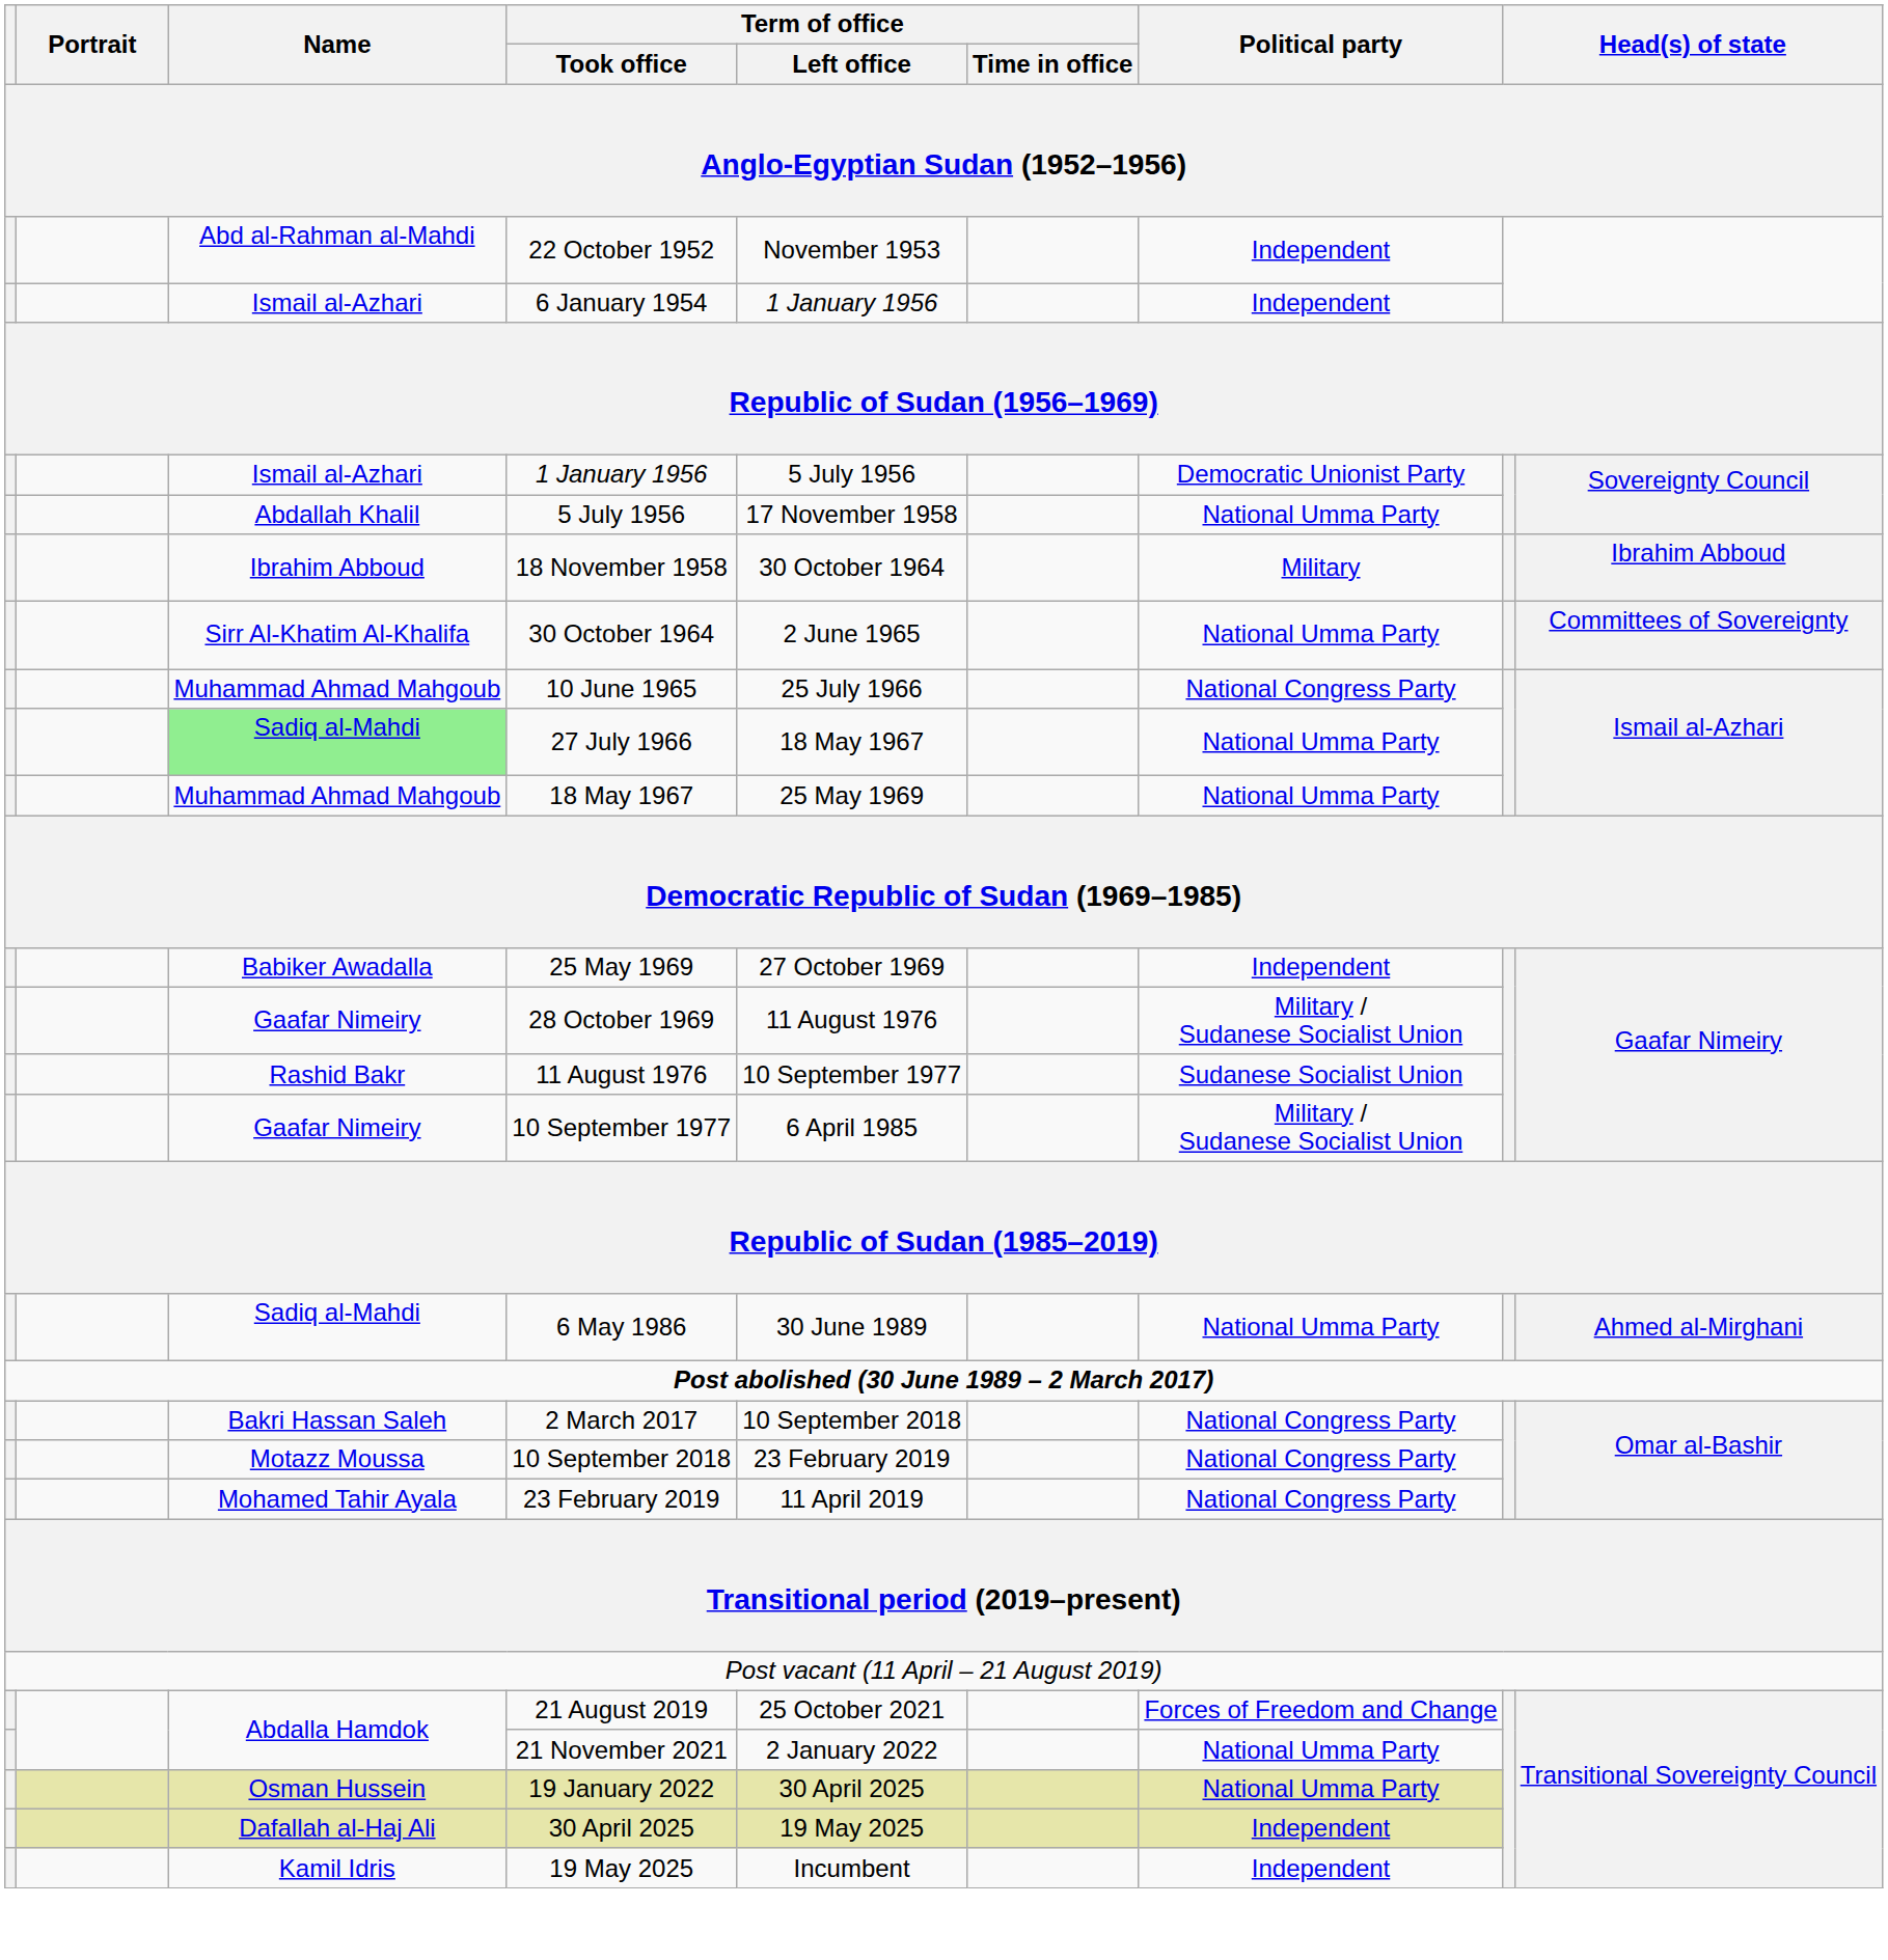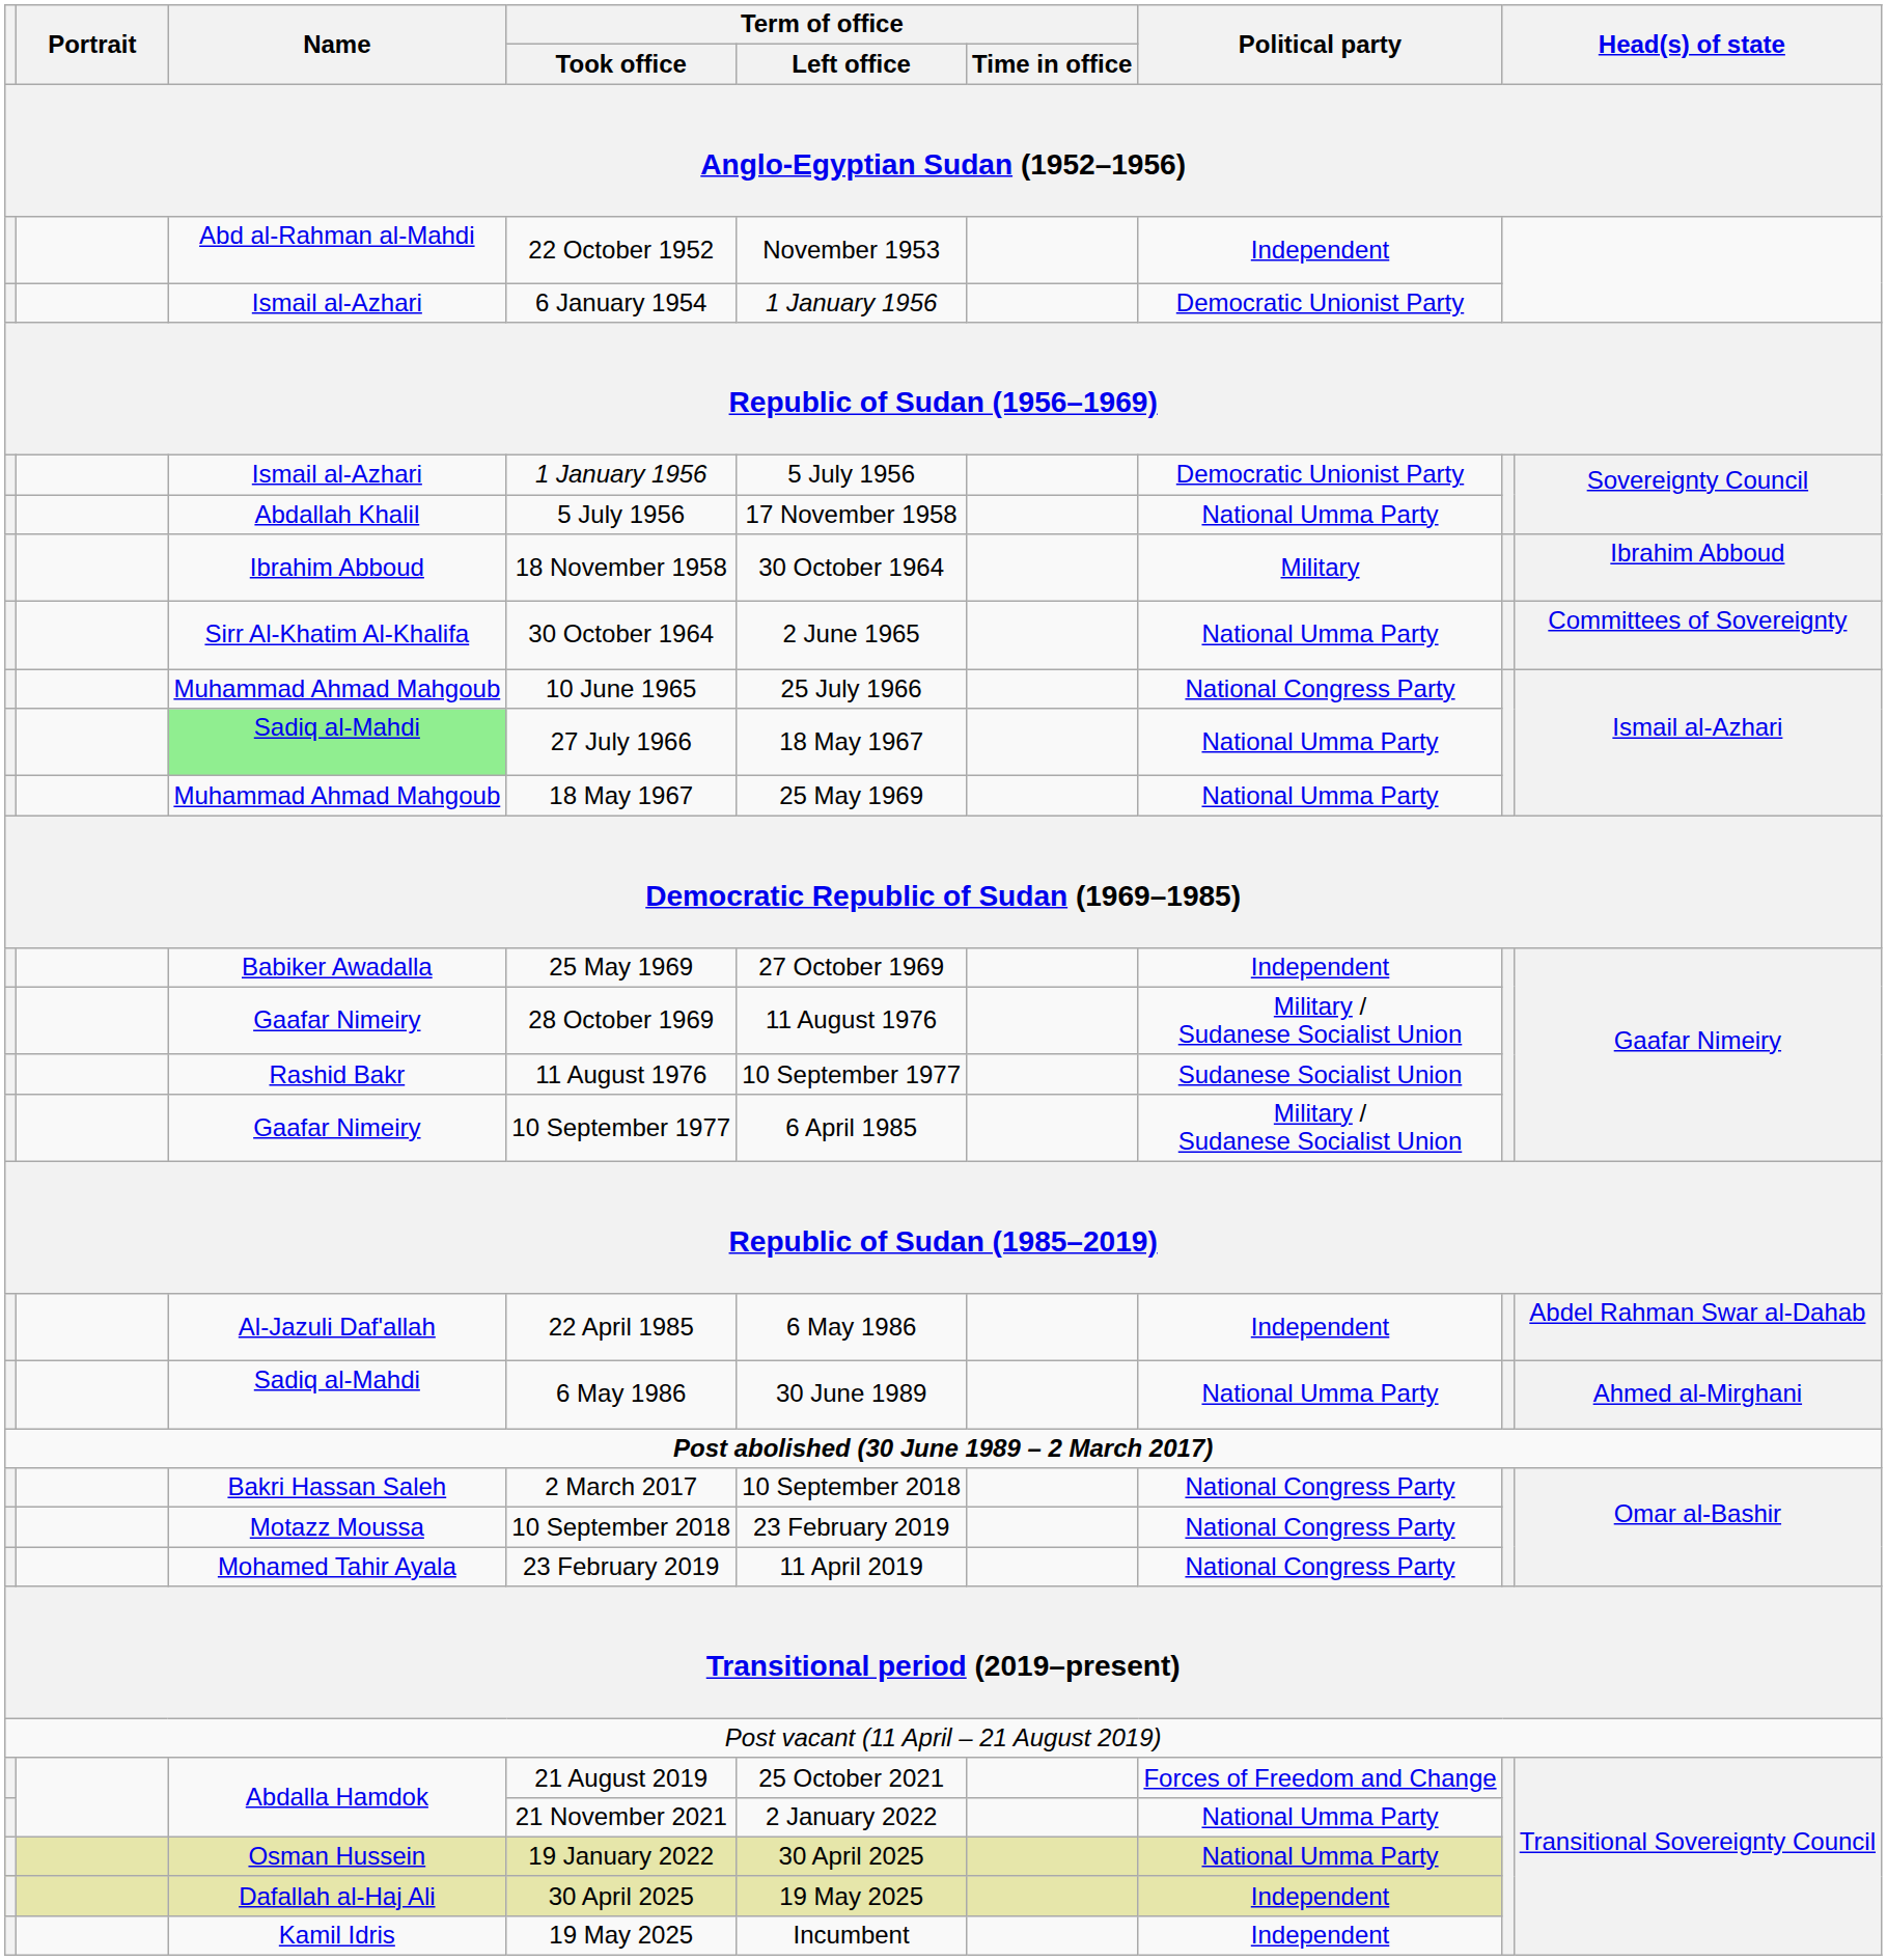 <table class="wikitable" style="text-align:center">
 <tr>
 <th rowspan="2"></th>
 <th rowspan="2" width="90px">Portrait</th>
 <th rowspan="2">Name<br></th>
 <th colspan="3">Term of office</th>
 <th rowspan="2">Political party</th>
 <th rowspan="2" colspan="2"><a href='#'>Head(s) of state</a><br></th>
 </tr>
 <tr>
 <th>Took office</th>
 <th>Left office</th>
 <th>Time in office</th>
 </tr>
 <tr>
 <th colspan="9"><br><h3><a href='#'>Anglo-Egyptian Sudan</a> (1952–1956)</h3></th>
 </tr>
 <tr>
 <th style="background:"></th>
 <td></td>
 <td><a href='#'>Abd al-Rahman al-Mahdi</a><br><br></td>
 <td>22 October 1952</td>
 <td>November 1953</td>
 <td></td>
 <td><a href='#'>Independent</a></td>
 </tr>
 <tr>
 <th style="background:"></th>
 <td></td>
 <td><a href='#'>Ismail al-Azhari</a><br></td>
 <td>6 January 1954</td>
 <td><em>1 January 1956</em></td>
 <td></td>
-<td><a href='#'>Independent</a></td>
+<td><a href='#'>Democratic Unionist Party</a></td>
 </tr>
 <tr>
 <th colspan="9"><br><h3><a href='#'>Republic of Sudan (1956–1969)</a></h3></th>
 </tr>
 <tr>
 <th style="background:"></th>
 <td></td>
 <td><a href='#'>Ismail al-Azhari</a><br></td>
 <td><em>1 January 1956</em></td>
 <td>5 July 1956</td>
 <td></td>
 <td><a href='#'>Democratic Unionist Party</a></td>
 <th rowspan="2" style="background:;"></th>
 <th rowspan="2" style="font-weight:normal"><a href='#'>Sovereignty Council</a><br><br></th>
 </tr>
 <tr>
 <th style="background:"></th>
 <td></td>
 <td><a href='#'>Abdallah Khalil</a><br></td>
 <td>5 July 1956</td>
 <td>17 November 1958</td>
 <td></td>
 <td><a href='#'>National Umma Party</a></td>
 </tr>
 <tr>
 <th style="background:"></th>
 <td></td>
 <td><a href='#'>Ibrahim Abboud</a><br></td>
 <td>18 November 1958</td>
 <td>30 October 1964<br></td>
 <td></td>
 <td><a href='#'>Military</a></td>
 <th rowspan="1" style="background:"></th>
 <th rowspan="1" style="font-weight:normal"><a href='#'>Ibrahim Abboud</a><br><br></th>
 </tr>
 <tr>
 <th style="background:"></th>
 <td></td>
 <td><a href='#'>Sirr Al-Khatim Al-Khalifa</a><br></td>
 <td>30 October 1964</td>
 <td>2 June 1965</td>
 <td></td>
 <td><a href='#'>National Umma Party</a></td>
 <th rowspan="1" style="background:;"></th>
 <th rowspan="1" style="font-weight:normal"><a href='#'>Committees of Sovereignty</a><br><br></th>
 </tr>
 <tr>
 <th style="background:"></th>
 <td></td>
 <td><a href='#'>Muhammad Ahmad Mahgoub</a><br></td>
 <td>10 June 1965</td>
 <td>25 July 1966</td>
 <td></td>
 <td><a href='#'>National Congress Party</a></td>
 <th rowspan="3" style="background:"></th>
 <th rowspan="3" style="font-weight:normal"><a href='#'>Ismail al-Azhari</a><br><br></th>
 </tr>
 <tr>
 <th style="background:"></th>
 <td></td>
 <td style="background: lightgreen;"><a href='#'>Sadiq al-Mahdi</a><br><br></td>
 <td>27 July 1966</td>
 <td>18 May 1967</td>
 <td></td>
 <td><a href='#'>National Umma Party</a></td>
 </tr>
 <tr>
 <th style="background:"></th>
 <td></td>
 <td><a href='#'>Muhammad Ahmad Mahgoub</a><br></td>
 <td>18 May 1967</td>
 <td>25 May 1969<br></td>
 <td></td>
 <td><a href='#'>National Umma Party</a></td>
 </tr>
 <tr>
 <th colspan="9"><br><h3><a href='#'>Democratic Republic of Sudan</a> (1969–1985)</h3></th>
 </tr>
 <tr>
 <th style="background:"></th>
 <td></td>
 <td><a href='#'>Babiker Awadalla</a><br></td>
 <td>25 May 1969</td>
 <td>27 October 1969</td>
 <td></td>
 <td><a href='#'>Independent</a></td>
 <th rowspan="4" style="background:"></th>
 <th rowspan="4" style="font-weight:normal"><a href='#'>Gaafar Nimeiry</a><br><br></th>
 </tr>
 <tr>
 <th style="background:"></th>
 <td></td>
 <td><a href='#'>Gaafar Nimeiry</a><br></td>
 <td>28 October 1969<br></td>
 <td>11 August 1976</td>
 <td></td>
 <td><a href='#'>Military</a> / <br> <a href='#'>Sudanese Socialist Union</a></td>
 </tr>
 <tr>
 <th style="background:"></th>
 <td></td>
 <td><a href='#'>Rashid Bakr</a><br></td>
 <td>11 August 1976</td>
 <td>10 September 1977</td>
 <td></td>
 <td><a href='#'>Sudanese Socialist Union</a></td>
 </tr>
 <tr>
 <th style="background:"></th>
 <td></td>
 <td><a href='#'>Gaafar Nimeiry</a><br></td>
 <td>10 September 1977</td>
 <td>6 April 1985<br></td>
 <td></td>
 <td><a href='#'>Military</a> / <br> <a href='#'>Sudanese Socialist Union</a></td>
 </tr>
 <tr>
 <th colspan="9"><br><h3><a href='#'>Republic of Sudan (1985–2019)</a></h3></th>
 </tr>
 <tr>
 <th style="background:"></th>
 <td></td>
+<td><a href='#'>Al-Jazuli Daf'allah</a><br></td>
+<td>22 April 1985</td>
+<td>6 May 1986</td>
+<td></td>
+<td><a href='#'>Independent</a></td>
+<th rowspan="1" style="background:"></th>
+<th rowspan="1" style="font-weight:normal"><a href='#'>Abdel Rahman Swar al-Dahab</a><br><br></th>
+</tr>
+<tr>
+<th style="background:"></th>
+<td></td>
 <td><a href='#'>Sadiq al-Mahdi</a><br><br></td>
 <td>6 May 1986</td>
 <td>30 June 1989<br></td>
 <td></td>
 <td><a href='#'>National Umma Party</a></td>
 <th rowspan="1" style="background:"></th>
 <th rowspan="1" style="font-weight:normal"><a href='#'>Ahmed al-Mirghani</a><br></th>
 </tr>
 <tr>
 <td colspan="9"><strong><em>Post abolished (30 June 1989 – 2 March 2017)</em></strong></td>
 </tr>
 <tr>
 <th style="background:"></th>
 <td></td>
 <td><a href='#'>Bakri Hassan Saleh</a><br></td>
 <td>2 March 2017</td>
 <td>10 September 2018</td>
 <td></td>
 <td><a href='#'>National Congress Party</a></td>
 <th rowspan="3" style="background:"></th>
 <th rowspan="3" style="font-weight:normal"><a href='#'>Omar al-Bashir</a><br><br></th>
 </tr>
 <tr>
 <th style="background:"></th>
 <td></td>
 <td><a href='#'>Motazz Moussa</a><br></td>
 <td>10 September 2018</td>
 <td>23 February 2019</td>
 <td></td>
 <td><a href='#'>National Congress Party</a></td>
 </tr>
 <tr>
 <th style="background:"></th>
 <td></td>
 <td><a href='#'>Mohamed Tahir Ayala</a><br></td>
 <td>23 February 2019</td>
 <td>11 April 2019<br></td>
 <td></td>
 <td><a href='#'>National Congress Party</a></td>
 </tr>
 <tr>
 <th colspan="9"><br><h3><a href='#'>Transitional period</a> (2019–present)</h3></th>
 </tr>
 <tr>
 <td colspan="9"><em>Post vacant (11 April – 21 August 2019)</em></td>
 </tr>
 <tr>
 <th style="background:"></th>
 <td rowspan="2"></td>
 <td rowspan="2"><a href='#'>Abdalla Hamdok</a><br></td>
 <td>21 August 2019</td>
 <td>25 October 2021<br></td>
 <td></td>
 <td><a href='#'>Forces of Freedom and Change</a></td>
 <th rowspan="5" style="background:;"></th>
 <th rowspan="5" style="font-weight:normal"><a href='#'>Transitional Sovereignty Council</a><br><br></th>
 </tr>
 <tr>
 <th style="background:"></th>
 <td>21 November 2021</td>
 <td>2 January 2022</td>
 <td></td>
 <td><a href='#'>National Umma Party</a></td>
 </tr>
 <tr style="background:#e6e6aa;">
 <th style="background:"></th>
 <td></td>
 <td><a href='#'>Osman Hussein</a><br></td>
 <td>19 January 2022</td>
 <td>30 April 2025</td>
 <td></td>
 <td><a href='#'>National Umma Party</a></td>
 </tr>
 <tr style="background:#e6e6aa;">
 <th style="background:"></th>
 <td></td>
 <td><a href='#'>Dafallah al-Haj Ali</a><br></td>
 <td>30 April 2025</td>
 <td>19 May 2025</td>
 <td></td>
 <td><a href='#'>Independent</a></td>
 </tr>
 <tr>
 <th style="background:"></th>
 <td></td>
 <td><a href='#'>Kamil Idris</a><br></td>
 <td>19 May 2025</td>
 <td>Incumbent</td>
 <td></td>
 <td><a href='#'>Independent</a></td>
 </tr>
 </table>
